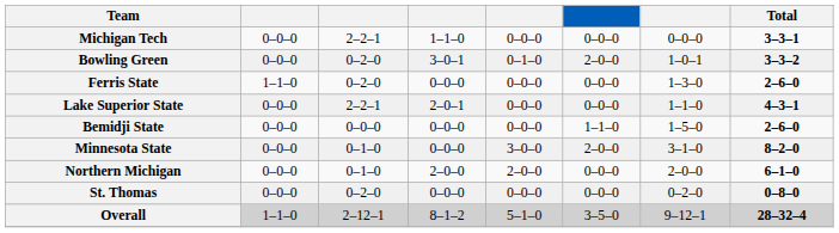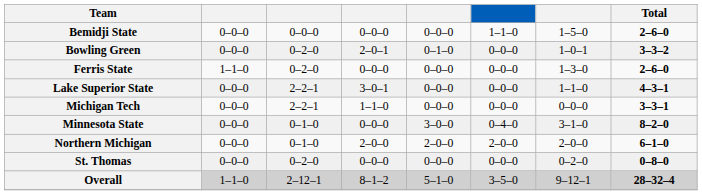 <table class="wikitable" style="text-align: center; "width=60%">
 <tr>
 <th>Team</th>
 <th><a href='#'></a></th>
 <th><a href='#'></a></th>
 <th><a href='#'></a></th>
 <th><a href='#'></a></th>
 <th style="color:white; background:#005EB8"><a href='#'></a></th>
 <th><a href='#'></a></th>
 <th>Total</th>
 </tr>
 <tr>
-<th>Michigan Tech</th>
-<td>0–0–0</td>
-<td>2–2–1</td>
-<td>1–1–0</td>
+<th>Bemidji State</th>
 <td>0–0–0</td>
 <td>0–0–0</td>
 <td>0–0–0</td>
-<td><strong>3–3–1</strong></td>
+<td>0–0–0</td>
+<td>1–1–0</td>
+<td>1–5–0</td>
+<td><strong>2–6–0</strong></td>
 </tr>
 <tr bgcolor=f0f0f0>
 <th>Bowling Green</th>
 <td>0–0–0</td>
 <td>0–2–0</td>
-<td>3–0–1</td>
+<td>2–0–1</td>
 <td>0–1–0</td>
-<td>2–0–0</td>
+<td>0–0–0</td>
 <td>1–0–1</td>
 <td><strong>3–3–2</strong></td>
 </tr>
 <tr>
 <th>Ferris State</th>
 <td>1–1–0</td>
 <td>0–2–0</td>
 <td>0–0–0</td>
 <td>0–0–0</td>
 <td>0–0–0</td>
 <td>1–3–0</td>
 <td><strong>2–6–0</strong></td>
 </tr>
 <tr bgcolor=f0f0f0>
 <th>Lake Superior State</th>
 <td>0–0–0</td>
 <td>2–2–1</td>
-<td>2–0–1</td>
+<td>3–0–1</td>
 <td>0–0–0</td>
 <td>0–0–0</td>
 <td>1–1–0</td>
 <td><strong>4–3–1</strong></td>
 </tr>
 <tr>
-<th>Bemidji State</th>
+<th>Michigan Tech</th>
+<td>0–0–0</td>
+<td>2–2–1</td>
+<td>1–1–0</td>
 <td>0–0–0</td>
 <td>0–0–0</td>
 <td>0–0–0</td>
-<td>0–0–0</td>
-<td>1–1–0</td>
-<td>1–5–0</td>
-<td><strong>2–6–0</strong></td>
+<td><strong>3–3–1</strong></td>
 </tr>
 <tr bgcolor=f0f0f0>
 <th>Minnesota State</th>
 <td>0–0–0</td>
 <td>0–1–0</td>
 <td>0–0–0</td>
 <td>3–0–0</td>
-<td>2–0–0</td>
+<td>0–4–0</td>
 <td>3–1–0</td>
 <td><strong>8–2–0</strong></td>
 </tr>
 <tr>
 <th>Northern Michigan</th>
 <td>0–0–0</td>
 <td>0–1–0</td>
 <td>2–0–0</td>
 <td>2–0–0</td>
-<td>0–0–0</td>
+<td>2–0–0</td>
 <td>2–0–0</td>
 <td><strong>6–1–0</strong></td>
 </tr>
 <tr bgcolor=f0f0f0>
 <th>St. Thomas</th>
 <td>0–0–0</td>
 <td>0–2–0</td>
 <td>0–0–0</td>
 <td>0–0–0</td>
 <td>0–0–0</td>
 <td>0–2–0</td>
 <td><strong>0–8–0</strong></td>
 </tr>
 <tr bgcolor=d0d0d0>
 <th>Overall</th>
 <td>1–1–0</td>
 <td>2–12–1</td>
 <td>8–1–2</td>
 <td>5–1–0</td>
 <td>3–5–0</td>
 <td>9–12–1</td>
 <td><strong>28–32–4</strong></td>
 </tr>
 <tr>
 </tr>
 </table>
